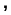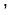 <table cellpadding=4 style="font-size:large; text-align:center;" summary="Thirty letters of the Tajik Latin script, capital and lowercase" align=center>
 <tr>
 <td></td>
 <td></td>
 <td></td>
 <td></td>
 <td></td>
 <td></td>
 <td></td>
 <td></td>
 <td></td>
 <td></td>
 <td></td>
 </tr>
 <tr>
 <td></td>
 <td></td>
 <td></td>
 <td></td>
 <td></td>
 <td></td>
 <td></td>
 <td></td>
 <td></td>
 <td></td>
 <td></td>
 </tr>
 <tr>
 <td></td>
 <td></td>
 <td></td>
 <td></td>
 <td></td>
 <td></td>
 <td></td>
 <td></td>
 <td></td>
 <td></td>
 <td></td>
 </tr>
 <tr>
 <td></td>
 <td></td>
 <td></td>
 <td></td>
 <td></td>
 <td></td>
 <td></td>
 <td></td>
 <td></td>
 <td></td>
 <td></td>
 </tr>
 <tr>
 <td></td>
 <td></td>
 <td></td>
 <td></td>
 <td></td>
 <td></td>
 <td></td>
 <td></td>
-<td><strong>ʼ</strong></td>
+<td>ʼ</td>
 </tr>
 <tr>
 <td></td>
 <td></td>
 <td></td>
 <td></td>
 <td></td>
 <td></td>
 <td></td>
 <td></td>
 <td></td>
 </tr>
 </table>
